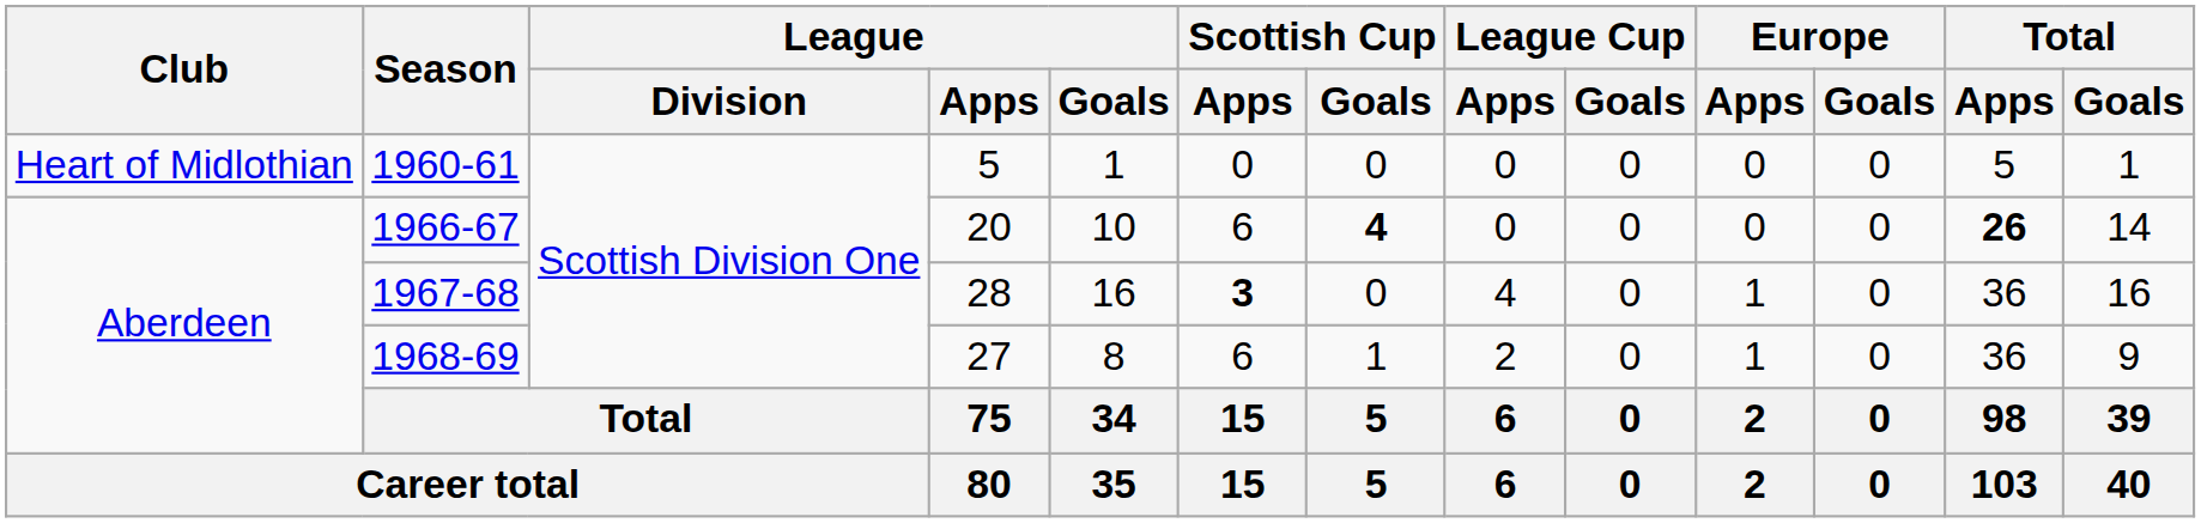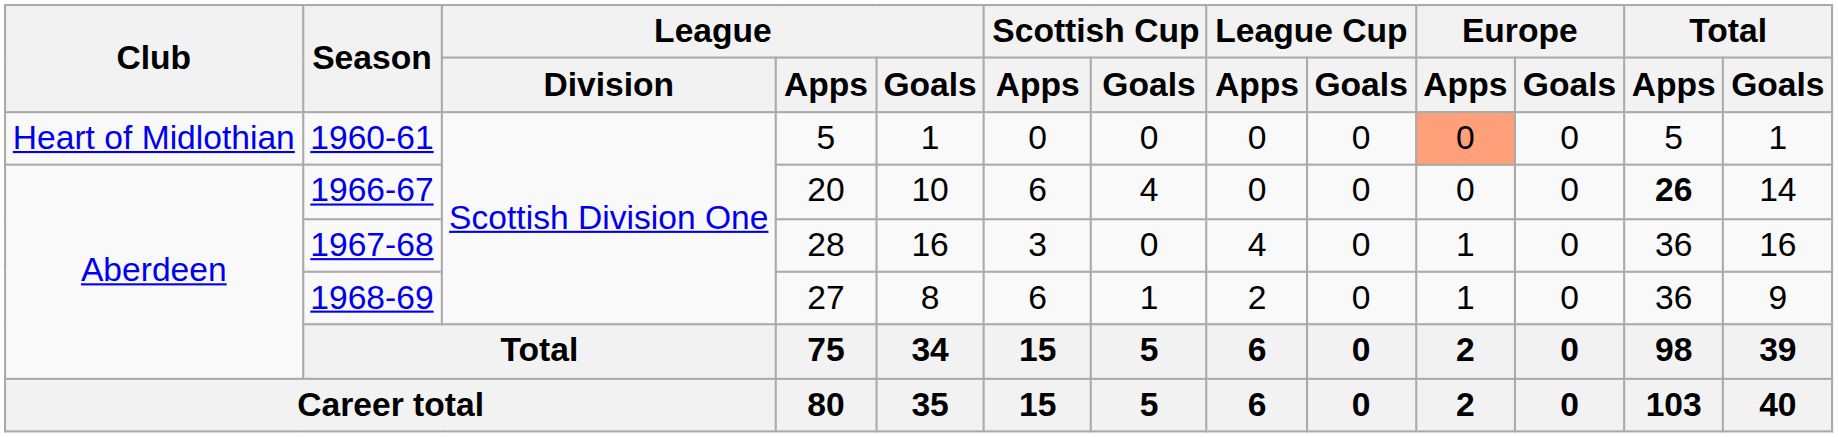 <table class="wikitable" style="text-align:center">
 <tr>
 <th rowspan="2">Club</th>
 <th rowspan="2">Season</th>
 <th colspan="3">League</th>
 <th colspan="2">Scottish Cup</th>
 <th colspan="2">League Cup</th>
 <th colspan="2">Europe</th>
 <th colspan="2">Total</th>
 </tr>
 <tr>
 <th>Division</th>
 <th>Apps</th>
 <th>Goals</th>
 <th>Apps</th>
 <th>Goals</th>
 <th>Apps</th>
 <th>Goals</th>
 <th>Apps</th>
 <th>Goals</th>
 <th>Apps</th>
 <th>Goals</th>
 </tr>
 <tr>
 <td><a href='#'>Heart of Midlothian</a></td>
 <td><a href='#'>1960-61</a></td>
 <td rowspan="4"><a href='#'>Scottish Division One</a></td>
 <td>5</td>
 <td>1</td>
 <td>0</td>
 <td>0</td>
 <td>0</td>
 <td>0</td>
-<td>0</td>
+<td style="background: lightsalmon;">0</td>
 <td>0</td>
 <td>5</td>
 <td>1</td>
 </tr>
 <tr>
 <td rowspan="4"><a href='#'>Aberdeen</a></td>
 <td><a href='#'>1966-67</a></td>
 <td>20</td>
 <td>10</td>
 <td>6</td>
-<td><strong>4</strong></td>
+<td>4</td>
 <td>0</td>
 <td>0</td>
 <td>0</td>
 <td>0</td>
 <td><strong>26</strong></td>
 <td>14</td>
 </tr>
 <tr>
 <td><a href='#'>1967-68</a></td>
 <td>28</td>
 <td>16</td>
-<td><strong>3</strong></td>
+<td>3</td>
 <td>0</td>
 <td>4</td>
 <td>0</td>
 <td>1</td>
 <td>0</td>
 <td>36</td>
 <td>16</td>
 </tr>
 <tr>
 <td><a href='#'>1968-69</a></td>
 <td>27</td>
 <td>8</td>
 <td>6</td>
 <td>1</td>
 <td>2</td>
 <td>0</td>
 <td>1</td>
 <td>0</td>
 <td>36</td>
 <td>9</td>
 </tr>
 <tr>
 <th colspan="2">Total</th>
 <th>75</th>
 <th>34</th>
 <th>15</th>
 <th>5</th>
 <th>6</th>
 <th>0</th>
 <th>2</th>
 <th>0</th>
 <th>98</th>
 <th>39</th>
 </tr>
 <tr>
 <th colspan="3">Career total</th>
 <th>80</th>
 <th>35</th>
 <th>15</th>
 <th>5</th>
 <th>6</th>
 <th>0</th>
 <th>2</th>
 <th>0</th>
 <th>103</th>
 <th>40</th>
 </tr>
 </table>
